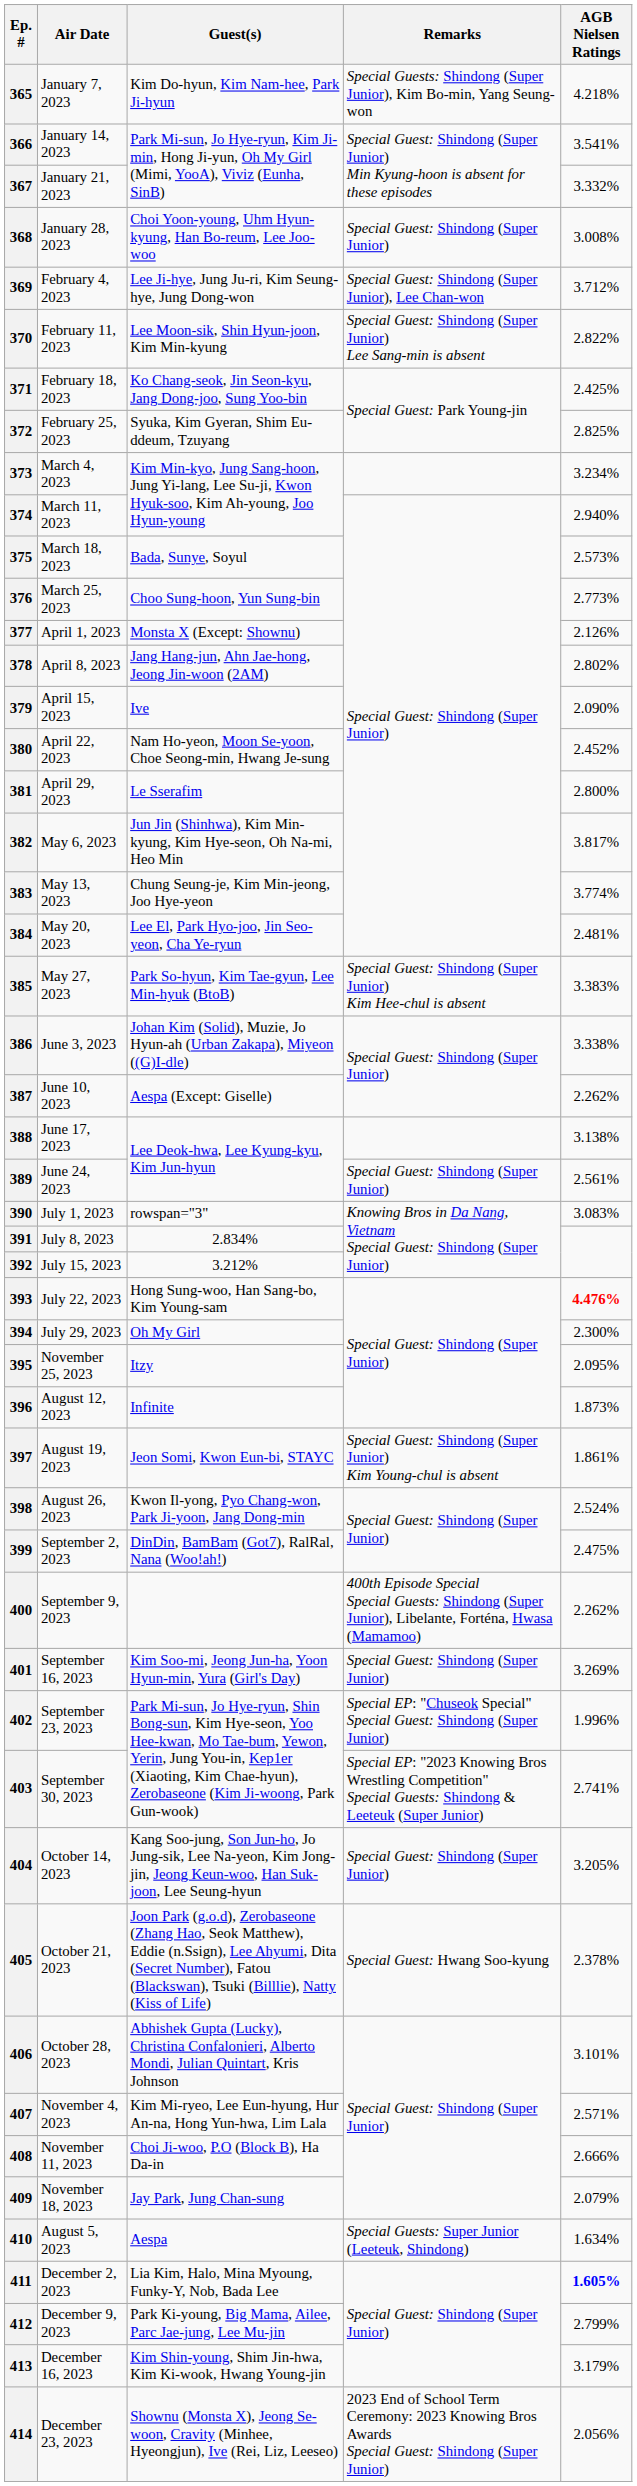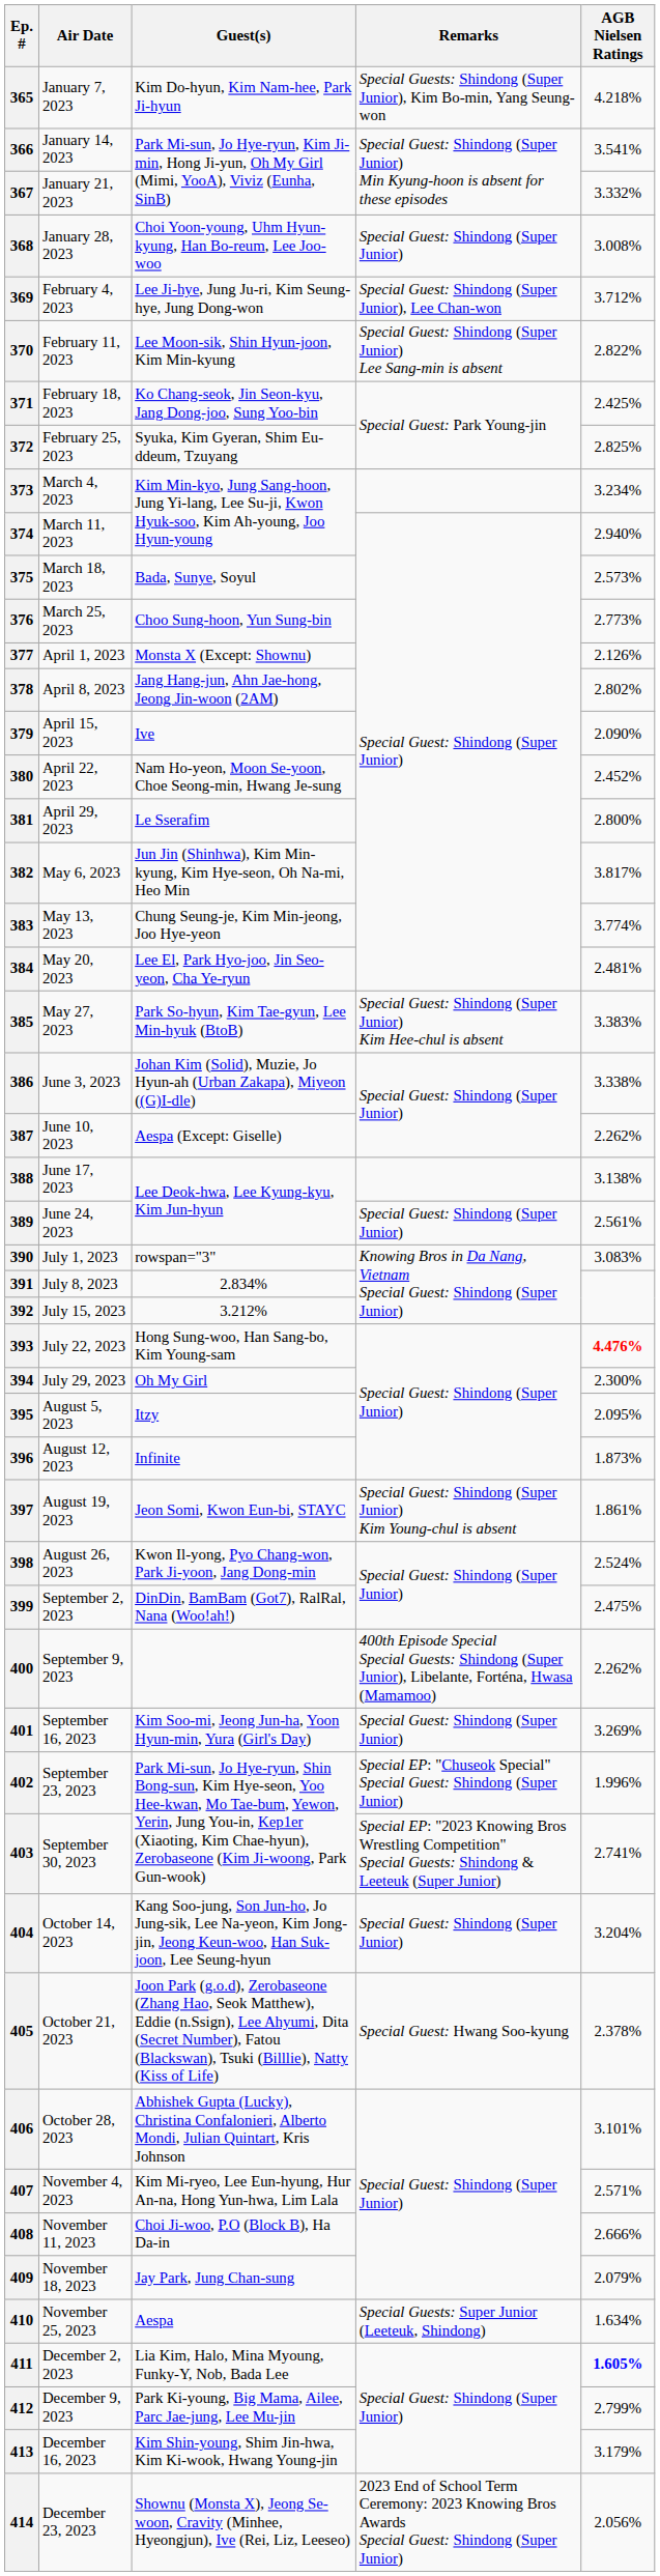 <table class="wikitable" style = "font-size: 90%;">
 <tr>
 <th width=35>Ep. #</th>
 <th width=130>Air Date</th>
 <th width=550>Guest(s)</th>
 <th width=550>Remarks</th>
 <th width=100>AGB Nielsen Ratings</th>
 </tr>
 <tr>
 <th>365</th>
 <td>January 7, 2023</td>
 <td>Kim Do-hyun, <a href='#'>Kim Nam-hee</a>, <a href='#'>Park Ji-hyun</a></td>
 <td><em>Special Guests:</em> <a href='#'>Shindong</a> (<a href='#'>Super Junior</a>), Kim Bo-min, Yang Seung-won</td>
 <td style="text-align:center;">4.218%</td>
 </tr>
 <tr>
 <th>366</th>
 <td>January 14, 2023</td>
 <td rowspan="2"><a href='#'>Park Mi-sun</a>, <a href='#'>Jo Hye-ryun</a>, <a href='#'>Kim Ji-min</a>, Hong Ji-yun, <a href='#'>Oh My Girl</a> (Mimi, <a href='#'>YooA</a>), <a href='#'>Viviz</a> (<a href='#'>Eunha</a>, <a href='#'>SinB</a>)</td>
 <td rowspan="2"><em>Special Guest:</em> <a href='#'>Shindong</a> (<a href='#'>Super Junior</a>)<br><em>Min Kyung-hoon is absent for these episodes</em></td>
 <td style="text-align:center;">3.541%</td>
 </tr>
 <tr>
 <th>367</th>
 <td>January 21, 2023</td>
 <td style="text-align:center;">3.332%</td>
 </tr>
 <tr>
 <th>368</th>
 <td>January 28, 2023</td>
 <td><a href='#'>Choi Yoon-young</a>, <a href='#'>Uhm Hyun-kyung</a>, <a href='#'>Han Bo-reum</a>, <a href='#'>Lee Joo-woo</a></td>
 <td><em>Special Guest:</em> <a href='#'>Shindong</a> (<a href='#'>Super Junior</a>)</td>
 <td style="text-align:center;">3.008%</td>
 </tr>
 <tr>
 <th>369</th>
 <td>February 4, 2023</td>
 <td><a href='#'>Lee Ji-hye</a>, Jung Ju-ri, Kim Seung-hye, Jung Dong-won</td>
 <td><em>Special Guest:</em> <a href='#'>Shindong</a> (<a href='#'>Super Junior</a>), <a href='#'>Lee Chan-won</a></td>
 <td style="text-align:center;">3.712%</td>
 </tr>
 <tr>
 <th>370</th>
 <td>February 11, 2023</td>
 <td><a href='#'>Lee Moon-sik</a>, <a href='#'>Shin Hyun-joon</a>, Kim Min-kyung</td>
 <td><em>Special Guest:</em> <a href='#'>Shindong</a> (<a href='#'>Super Junior</a>)<br><em>Lee Sang-min is absent</em></td>
 <td style="text-align:center;">2.822%</td>
 </tr>
 <tr>
 <th>371</th>
 <td>February 18, 2023</td>
 <td><a href='#'>Ko Chang-seok</a>, <a href='#'>Jin Seon-kyu</a>, <a href='#'>Jang Dong-joo</a>, <a href='#'>Sung Yoo-bin</a></td>
 <td rowspan="2"><em>Special Guest:</em> Park Young-jin</td>
 <td style="text-align:center;">2.425%</td>
 </tr>
 <tr>
 <th>372</th>
 <td>February 25, 2023</td>
 <td>Syuka, Kim Gyeran, Shim Eu-ddeum, Tzuyang</td>
 <td style="text-align:center;">2.825%</td>
 </tr>
 <tr>
 <th>373</th>
 <td>March 4, 2023</td>
 <td rowspan="2"><a href='#'>Kim Min-kyo</a>, <a href='#'>Jung Sang-hoon</a>, Jung Yi-lang, Lee Su-ji, <a href='#'>Kwon Hyuk-soo</a>, Kim Ah-young, <a href='#'>Joo Hyun-young</a></td>
 <td></td>
 <td style="text-align:center;">3.234%</td>
 </tr>
 <tr>
 <th>374</th>
 <td>March 11, 2023</td>
 <td rowspan="11"><em>Special Guest:</em> <a href='#'>Shindong</a> (<a href='#'>Super Junior</a>)</td>
 <td style="text-align:center;">2.940%</td>
 </tr>
 <tr>
 <th>375</th>
 <td>March 18, 2023</td>
 <td><a href='#'>Bada</a>, <a href='#'>Sunye</a>, Soyul</td>
 <td style="text-align:center;">2.573%</td>
 </tr>
 <tr>
 <th>376</th>
 <td>March 25, 2023</td>
 <td><a href='#'>Choo Sung-hoon</a>, <a href='#'>Yun Sung-bin</a></td>
 <td style="text-align:center;">2.773%</td>
 </tr>
 <tr>
 <th>377</th>
 <td>April 1, 2023</td>
 <td><a href='#'>Monsta X</a> (Except: <a href='#'>Shownu</a>)</td>
 <td style="text-align:center;">2.126%</td>
 </tr>
 <tr>
 <th>378</th>
 <td>April 8, 2023</td>
 <td><a href='#'>Jang Hang-jun</a>, <a href='#'>Ahn Jae-hong</a>, <a href='#'>Jeong Jin-woon</a> (<a href='#'>2AM</a>)</td>
 <td style="text-align:center;">2.802%</td>
 </tr>
 <tr>
 <th>379</th>
 <td>April 15, 2023</td>
 <td><a href='#'>Ive</a></td>
 <td style="text-align:center;">2.090%</td>
 </tr>
 <tr>
 <th>380</th>
 <td>April 22, 2023</td>
 <td>Nam Ho-yeon, <a href='#'>Moon Se-yoon</a>, Choe Seong-min, Hwang Je-sung</td>
 <td style="text-align:center;">2.452%</td>
 </tr>
 <tr>
 <th>381</th>
 <td>April 29, 2023</td>
 <td><a href='#'>Le Sserafim</a></td>
 <td style="text-align:center;">2.800%</td>
 </tr>
 <tr>
 <th>382</th>
 <td>May 6, 2023</td>
 <td><a href='#'>Jun Jin</a> (<a href='#'>Shinhwa</a>), Kim Min-kyung, Kim Hye-seon, Oh Na-mi, Heo Min</td>
 <td style="text-align:center;">3.817%</td>
 </tr>
 <tr>
 <th>383</th>
 <td>May 13, 2023</td>
 <td>Chung Seung-je, Kim Min-jeong, Joo Hye-yeon</td>
 <td style="text-align:center;">3.774%</td>
 </tr>
 <tr>
 <th>384</th>
 <td>May 20, 2023</td>
 <td><a href='#'>Lee El</a>, <a href='#'>Park Hyo-joo</a>, <a href='#'>Jin Seo-yeon</a>, <a href='#'>Cha Ye-ryun</a></td>
 <td style="text-align:center;">2.481%</td>
 </tr>
 <tr>
 <th>385</th>
 <td>May 27, 2023</td>
 <td><a href='#'>Park So-hyun</a>, <a href='#'>Kim Tae-gyun</a>, <a href='#'>Lee Min-hyuk</a> (<a href='#'>BtoB</a>)</td>
 <td><em>Special Guest:</em> <a href='#'>Shindong</a> (<a href='#'>Super Junior</a>)<br><em>Kim Hee-chul is absent</em></td>
 <td style="text-align:center;">3.383%</td>
 </tr>
 <tr>
 <th>386</th>
 <td>June 3, 2023</td>
 <td><a href='#'>Johan Kim</a> (<a href='#'>Solid</a>), Muzie, Jo Hyun-ah (<a href='#'>Urban Zakapa</a>), <a href='#'>Miyeon</a> (<a href='#'>(G)I-dle</a>)</td>
 <td rowspan="2"><em>Special Guest:</em> <a href='#'>Shindong</a> (<a href='#'>Super Junior</a>)</td>
 <td style="text-align:center;">3.338%</td>
 </tr>
 <tr>
 <th>387</th>
 <td>June 10, 2023</td>
 <td><a href='#'>Aespa</a> (Except: Giselle)</td>
 <td style="text-align:center;">2.262%</td>
 </tr>
 <tr>
 <th>388</th>
 <td>June 17, 2023</td>
 <td rowspan="2"><a href='#'>Lee Deok-hwa</a>, <a href='#'>Lee Kyung-kyu</a>, <a href='#'>Kim Jun-hyun</a></td>
 <td></td>
 <td style="text-align:center;">3.138%</td>
 </tr>
 <tr>
 <th>389</th>
 <td>June 24, 2023</td>
 <td><em>Special Guest:</em> <a href='#'>Shindong</a> (<a href='#'>Super Junior</a>)</td>
 <td style="text-align:center;">2.561%</td>
 </tr>
 <tr>
 <th>390</th>
 <td>July 1, 2023</td>
 <td>rowspan="3" </td>
 <td rowspan="3"><em>Knowing Bros in <a href='#'>Da Nang</a>, <a href='#'>Vietnam</a></em><br><em>Special Guest:</em> <a href='#'>Shindong</a> (<a href='#'>Super Junior</a>)</td>
 <td style="text-align:center;">3.083%</td>
 </tr>
 <tr>
 <th>391</th>
 <td>July 8, 2023</td>
 <td style="text-align:center;">2.834%</td>
 </tr>
 <tr>
 <th>392</th>
 <td>July 15, 2023</td>
 <td style="text-align:center;">3.212%</td>
 </tr>
 <tr>
 <th>393</th>
 <td>July 22, 2023</td>
 <td>Hong Sung-woo, Han Sang-bo, Kim Young-sam</td>
 <td rowspan="4"><em>Special Guest:</em> <a href='#'>Shindong</a> (<a href='#'>Super Junior</a>)</td>
 <td style="text-align:center;color:red"><strong>4.476%</strong></td>
 </tr>
 <tr>
 <th>394</th>
 <td>July 29, 2023</td>
 <td><a href='#'>Oh My Girl</a></td>
 <td style="text-align:center;">2.300%</td>
 </tr>
 <tr>
 <th>395</th>
-<td>November 25, 2023</td>
+<td>August 5, 2023</td>
 <td><a href='#'>Itzy</a></td>
 <td style="text-align:center;">2.095%</td>
 </tr>
 <tr>
 <th>396</th>
 <td>August 12, 2023</td>
 <td><a href='#'>Infinite</a></td>
 <td style="text-align:center;">1.873%</td>
 </tr>
 <tr>
 <th>397</th>
 <td>August 19, 2023</td>
 <td><a href='#'>Jeon Somi</a>, <a href='#'>Kwon Eun-bi</a>, <a href='#'>STAYC</a></td>
 <td><em>Special Guest:</em> <a href='#'>Shindong</a> (<a href='#'>Super Junior</a>)<br><em>Kim Young-chul is absent</em></td>
 <td style="text-align:center;">1.861%</td>
 </tr>
 <tr>
 <th>398</th>
 <td>August 26, 2023</td>
 <td>Kwon Il-yong, <a href='#'>Pyo Chang-won</a>, <a href='#'>Park Ji-yoon</a>, <a href='#'>Jang Dong-min</a></td>
 <td rowspan="2"><em>Special Guest:</em> <a href='#'>Shindong</a> (<a href='#'>Super Junior</a>)</td>
 <td style="text-align:center;">2.524%</td>
 </tr>
 <tr>
 <th>399</th>
 <td>September 2, 2023</td>
 <td><a href='#'>DinDin</a>, <a href='#'>BamBam</a> (<a href='#'>Got7</a>), RalRal, <a href='#'>Nana</a> (<a href='#'>Woo!ah!</a>)</td>
 <td style="text-align:center;">2.475%</td>
 </tr>
 <tr>
 <th>400</th>
 <td>September 9, 2023</td>
 <td></td>
 <td><em>400th Episode Special</em><br><em>Special Guests:</em> <a href='#'>Shindong</a> (<a href='#'>Super Junior</a>), Libelante, Forténa, <a href='#'>Hwasa</a> (<a href='#'>Mamamoo</a>)</td>
 <td style="text-align:center;">2.262%</td>
 </tr>
 <tr>
 <th>401</th>
 <td>September 16, 2023</td>
 <td><a href='#'>Kim Soo-mi</a>, <a href='#'>Jeong Jun-ha</a>, <a href='#'>Yoon Hyun-min</a>, <a href='#'>Yura</a> (<a href='#'>Girl's Day</a>)</td>
 <td><em>Special Guest:</em> <a href='#'>Shindong</a> (<a href='#'>Super Junior</a>)</td>
 <td style="text-align:center;">3.269%</td>
 </tr>
 <tr>
 <th>402</th>
 <td>September 23, 2023</td>
 <td rowspan="2"><a href='#'>Park Mi-sun</a>, <a href='#'>Jo Hye-ryun</a>, <a href='#'>Shin Bong-sun</a>, Kim Hye-seon, <a href='#'>Yoo Hee-kwan</a>, <a href='#'>Mo Tae-bum</a>, <a href='#'>Yewon</a>, <a href='#'>Yerin</a>, Jung You-in, <a href='#'>Kep1er</a> (Xiaoting, Kim Chae-hyun), <a href='#'>Zerobaseone</a> (<a href='#'>Kim Ji-woong</a>, Park Gun-wook)</td>
 <td><em>Special EP</em>: "<a href='#'>Chuseok</a> Special"<br><em>Special Guest:</em> <a href='#'>Shindong</a> (<a href='#'>Super Junior</a>)</td>
 <td style="text-align:center;">1.996%</td>
 </tr>
 <tr>
 <th>403</th>
 <td>September 30, 2023</td>
 <td><em>Special EP</em>: "2023 Knowing Bros Wrestling Competition"<br><em>Special Guests:</em> <a href='#'>Shindong</a> & <a href='#'>Leeteuk</a> (<a href='#'>Super Junior</a>)</td>
 <td style="text-align:center;">2.741%</td>
 </tr>
 <tr>
 <th>404</th>
 <td>October 14, 2023</td>
 <td>Kang Soo-jung, <a href='#'>Son Jun-ho</a>, Jo Jung-sik, Lee Na-yeon, Kim Jong-jin, <a href='#'>Jeong Keun-woo</a>, <a href='#'>Han Suk-joon</a>, Lee Seung-hyun</td>
 <td><em>Special Guest:</em> <a href='#'>Shindong</a> (<a href='#'>Super Junior</a>)</td>
-<td style="text-align:center;">3.205%</td>
+<td style="text-align:center;">3.204%</td>
 </tr>
 <tr>
 <th>405</th>
 <td>October 21, 2023</td>
 <td><a href='#'>Joon Park</a> (<a href='#'>g.o.d</a>), <a href='#'>Zerobaseone</a> (<a href='#'>Zhang Hao</a>, Seok Matthew), Eddie (n.Ssign), <a href='#'>Lee Ahyumi</a>, Dita (<a href='#'>Secret Number</a>), Fatou (<a href='#'>Blackswan</a>), Tsuki (<a href='#'>Billlie</a>), <a href='#'>Natty</a> (<a href='#'>Kiss of Life</a>)</td>
 <td><em>Special Guest:</em> Hwang Soo-kyung</td>
 <td style="text-align:center;">2.378%</td>
 </tr>
 <tr>
 <th>406</th>
 <td>October 28, 2023</td>
 <td><a href='#'>Abhishek Gupta (Lucky)</a>, <a href='#'>Christina Confalonieri</a>, <a href='#'>Alberto Mondi</a>, <a href='#'>Julian Quintart</a>, Kris Johnson</td>
 <td rowspan="4"><em>Special Guest:</em> <a href='#'>Shindong</a> (<a href='#'>Super Junior</a>)</td>
 <td style="text-align:center;">3.101%</td>
 </tr>
 <tr>
 <th>407</th>
 <td>November 4, 2023</td>
 <td>Kim Mi-ryeo, Lee Eun-hyung, Hur An-na, Hong Yun-hwa, Lim Lala</td>
 <td style="text-align:center;">2.571%</td>
 </tr>
 <tr>
 <th>408</th>
 <td>November 11, 2023</td>
 <td><a href='#'>Choi Ji-woo</a>, <a href='#'>P.O</a> (<a href='#'>Block B</a>), Ha Da-in</td>
 <td style="text-align:center;">2.666%</td>
 </tr>
 <tr>
 <th>409</th>
 <td>November 18, 2023</td>
 <td><a href='#'>Jay Park</a>, <a href='#'>Jung Chan-sung</a></td>
 <td style="text-align:center;">2.079%</td>
 </tr>
 <tr>
 <th>410</th>
-<td>August 5, 2023</td>
+<td>November 25, 2023</td>
 <td><a href='#'>Aespa</a></td>
 <td><em>Special Guests:</em> <a href='#'>Super Junior</a> (<a href='#'>Leeteuk</a>, <a href='#'>Shindong</a>)</td>
 <td style="text-align:center;">1.634%</td>
 </tr>
 <tr>
 <th>411</th>
 <td>December 2, 2023</td>
 <td>Lia Kim, Halo, Mina Myoung, Funky-Y, Nob, Bada Lee</td>
 <td rowspan='3'><em>Special Guest:</em> <a href='#'>Shindong</a> (<a href='#'>Super Junior</a>)</td>
 <td style="text-align:center; color:blue"><strong>1.605%</strong></td>
 </tr>
 <tr>
 <th>412</th>
 <td>December 9, 2023</td>
 <td>Park Ki-young, <a href='#'>Big Mama</a>, <a href='#'>Ailee</a>, <a href='#'>Parc Jae-jung</a>, <a href='#'>Lee Mu-jin</a></td>
 <td style="text-align:center;">2.799%</td>
 </tr>
 <tr>
 <th>413</th>
 <td>December 16, 2023</td>
 <td><a href='#'>Kim Shin-young</a>, Shim Jin-hwa, Kim Ki-wook, Hwang Young-jin</td>
 <td style="text-align:center;">3.179%</td>
 </tr>
 <tr>
 <th>414</th>
 <td>December 23, 2023</td>
 <td><a href='#'>Shownu</a> (<a href='#'>Monsta X</a>), <a href='#'>Jeong Se-woon</a>, <a href='#'>Cravity</a> (Minhee, Hyeongjun), <a href='#'>Ive</a> (Rei, Liz, Leeseo)</td>
 <td>2023 End of School Term Ceremony: 2023 Knowing Bros Awards<br><em>Special Guest:</em> <a href='#'>Shindong</a> (<a href='#'>Super Junior</a>)</td>
 <td style="text-align:center;">2.056%</td>
 </tr>
 <tr>
 </tr>
 </table>
